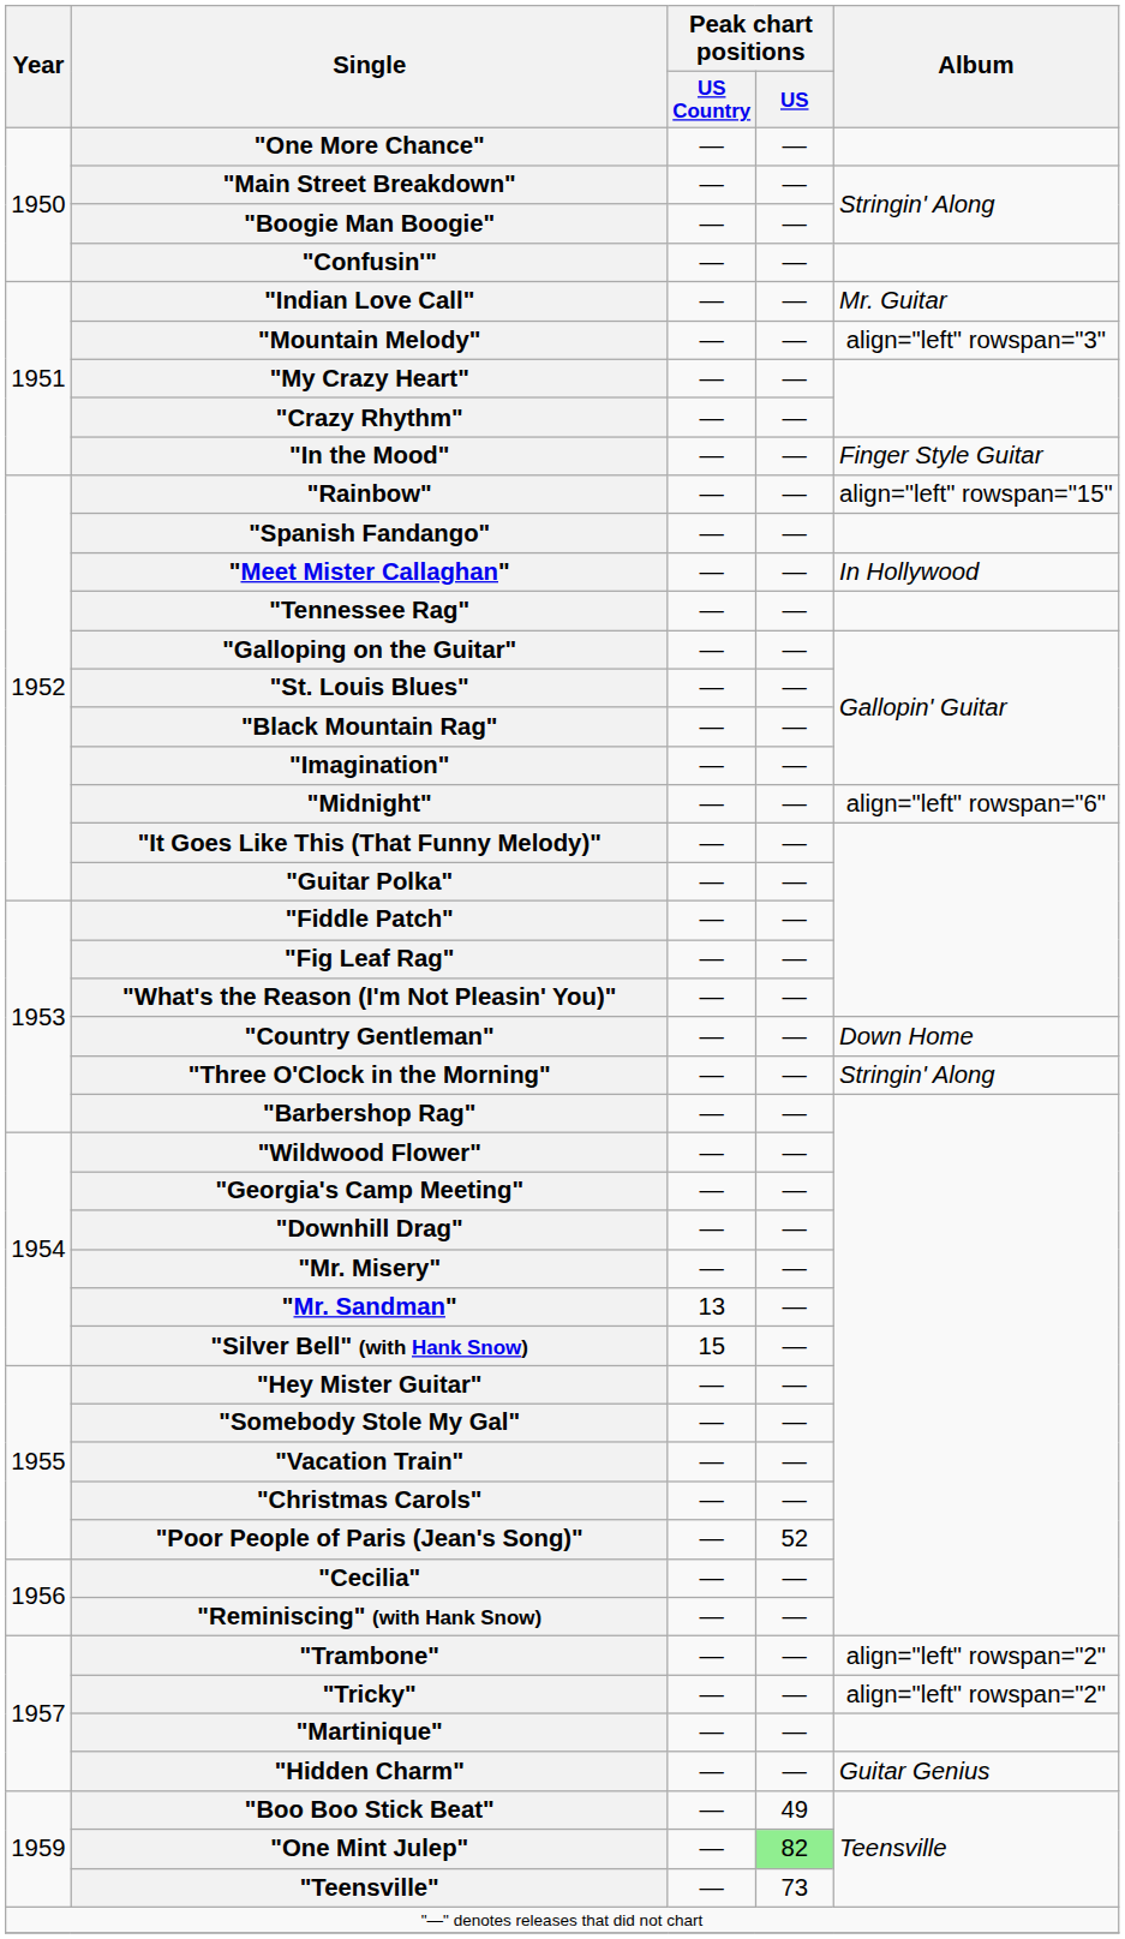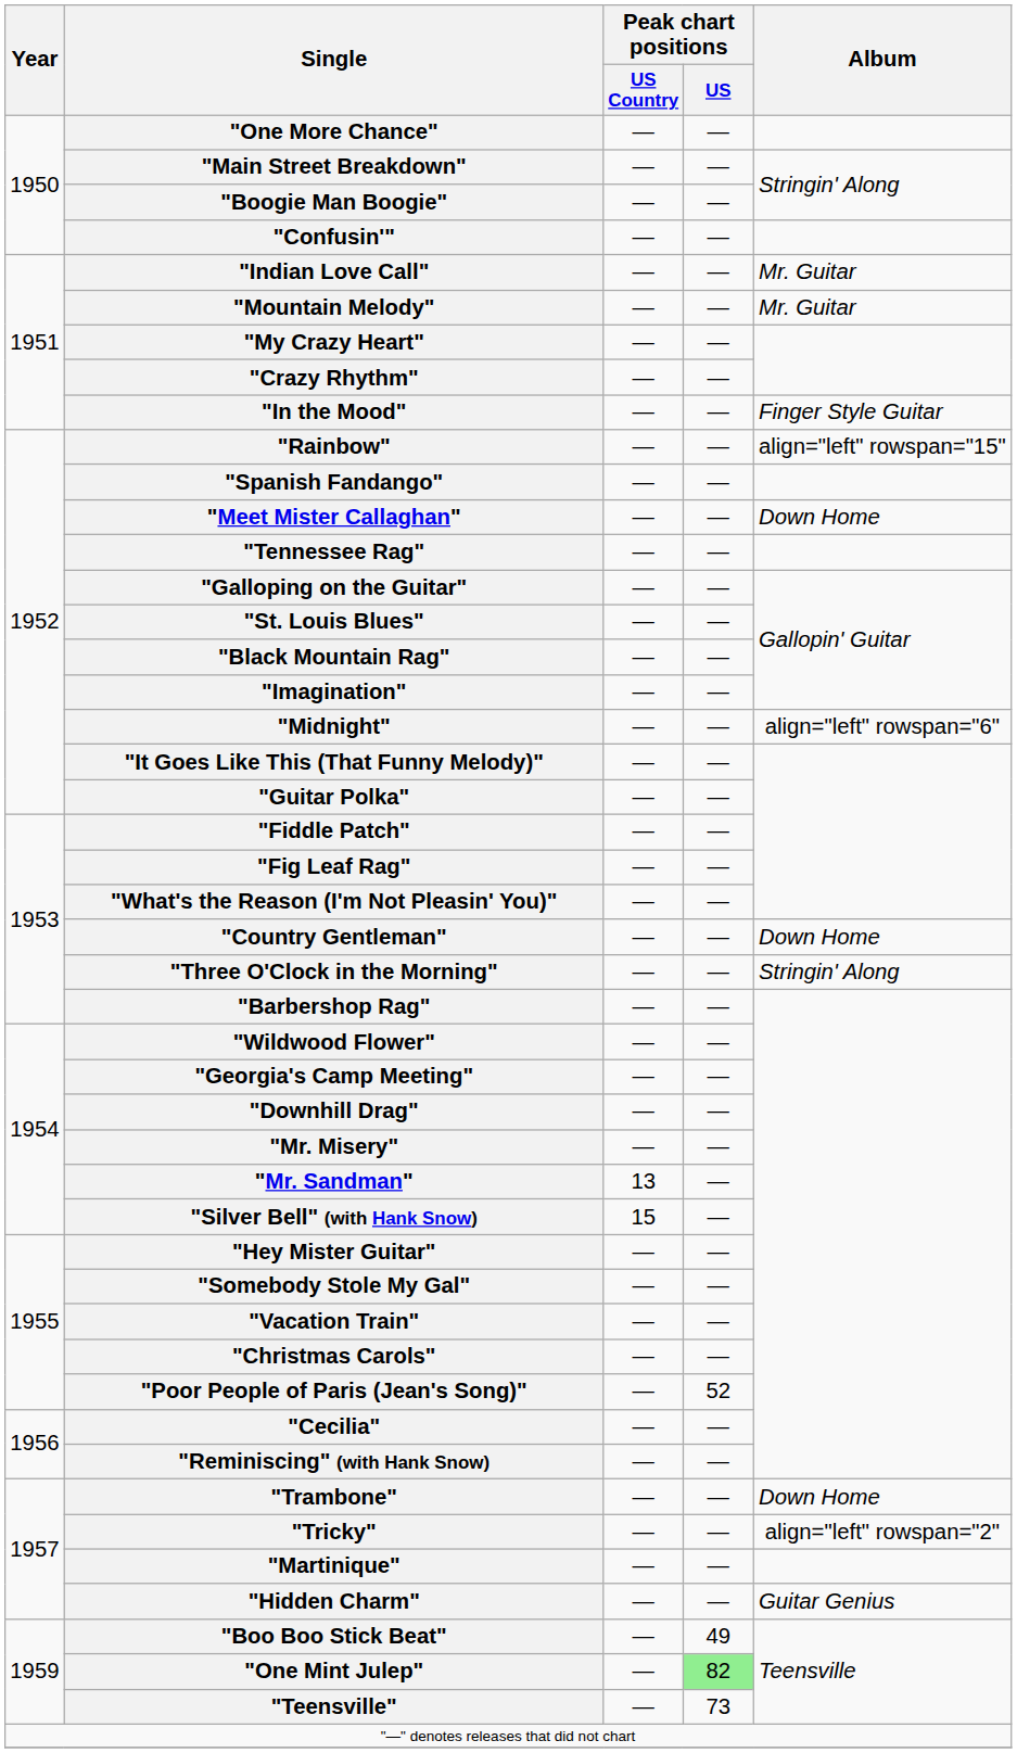 <table class="wikitable plainrowheaders" style="text-align:center;">
 <tr>
 <th rowspan="2">Year</th>
 <th rowspan="2" style="width:24em;">Single</th>
 <th colspan="2">Peak chart<br>positions</th>
 <th rowspan="2">Album</th>
 </tr>
 <tr style="font-size:smaller;">
 <th width="45"><a href='#'>US Country</a></th>
 <th width="45"><a href='#'>US</a><br></th>
 </tr>
 <tr>
 <td rowspan="4">1950</td>
 <th scope="row">"One More Chance"</th>
 <td>—</td>
 <td>—</td>
 <td></td>
 </tr>
 <tr>
 <th scope="row">"Main Street Breakdown"</th>
 <td>—</td>
 <td>—</td>
 <td align="left" rowspan="2"><em>Stringin' Along</em></td>
 </tr>
 <tr>
 <th scope="row">"Boogie Man Boogie"</th>
 <td>—</td>
 <td>—</td>
 </tr>
 <tr>
 <th scope="row">"Confusin'"</th>
 <td>—</td>
 <td>—</td>
 <td></td>
 </tr>
 <tr>
 <td rowspan="5">1951</td>
 <th scope="row">"Indian Love Call"</th>
 <td>—</td>
 <td>—</td>
 <td align="left"><em>Mr. Guitar</em></td>
 </tr>
 <tr>
 <th scope="row">"Mountain Melody"</th>
 <td>—</td>
 <td>—</td>
-<td>align="left" rowspan="3" </td>
+<td align="left"><em>Mr. Guitar</em></td>
 </tr>
 <tr>
 <th scope="row">"My Crazy Heart"</th>
 <td>—</td>
 <td>—</td>
 </tr>
 <tr>
 <th scope="row">"Crazy Rhythm"</th>
 <td>—</td>
 <td>—</td>
 </tr>
 <tr>
 <th scope="row">"In the Mood"</th>
 <td>—</td>
 <td>—</td>
 <td align="left"><em>Finger Style Guitar</em></td>
 </tr>
 <tr>
 <td rowspan="11">1952</td>
 <th scope="row">"Rainbow"</th>
 <td>—</td>
 <td>—</td>
 <td>align="left" rowspan="15" </td>
 </tr>
 <tr>
 <th scope="row">"Spanish Fandango"</th>
 <td>—</td>
 <td>—</td>
 <td></td>
 </tr>
 <tr>
 <th scope="row">"<a href='#'>Meet Mister Callaghan</a>"</th>
 <td>—</td>
 <td>—</td>
-<td align="left"><em>In Hollywood</em></td>
+<td align="left"><em>Down Home</em></td>
 </tr>
 <tr>
 <th scope="row">"Tennessee Rag"</th>
 <td>—</td>
 <td>—</td>
 <td></td>
 </tr>
 <tr>
 <th scope="row">"Galloping on the Guitar"</th>
 <td>—</td>
 <td>—</td>
 <td align="left" rowspan="4"><em>Gallopin' Guitar</em></td>
 </tr>
 <tr>
 <th scope="row">"St. Louis Blues"</th>
 <td>—</td>
 <td>—</td>
 </tr>
 <tr>
 <th scope="row">"Black Mountain Rag"</th>
 <td>—</td>
 <td>—</td>
 </tr>
 <tr>
 <th scope="row">"Imagination"</th>
 <td>—</td>
 <td>—</td>
 </tr>
 <tr>
 <th scope="row">"Midnight"</th>
 <td>—</td>
 <td>—</td>
 <td>align="left" rowspan="6" </td>
 </tr>
 <tr>
 <th scope="row">"It Goes Like This (That Funny Melody)"</th>
 <td>—</td>
 <td>—</td>
 </tr>
 <tr>
 <th scope="row">"Guitar Polka"</th>
 <td>—</td>
 <td>—</td>
 </tr>
 <tr>
 <td rowspan="6">1953</td>
 <th scope="row">"Fiddle Patch"</th>
 <td>—</td>
 <td>—</td>
 </tr>
 <tr>
 <th scope="row">"Fig Leaf Rag"</th>
 <td>—</td>
 <td>—</td>
 </tr>
 <tr>
 <th scope="row">"What's the Reason (I'm Not Pleasin' You)"</th>
 <td>—</td>
 <td>—</td>
 </tr>
 <tr>
 <th scope="row">"Country Gentleman"</th>
 <td>—</td>
 <td>—</td>
 <td align="left"><em>Down Home</em></td>
 </tr>
 <tr>
 <th scope="row">"Three O'Clock in the Morning"</th>
 <td>—</td>
 <td>—</td>
 <td align="left"><em>Stringin' Along</em></td>
 </tr>
 <tr>
 <th scope="row">"Barbershop Rag"</th>
 <td>—</td>
 <td>—</td>
 </tr>
 <tr>
 <td rowspan="6">1954</td>
 <th scope="row">"Wildwood Flower"</th>
 <td>—</td>
 <td>—</td>
 </tr>
 <tr>
 <th scope="row">"Georgia's Camp Meeting"</th>
 <td>—</td>
 <td>—</td>
 </tr>
 <tr>
 <th scope="row">"Downhill Drag"</th>
 <td>—</td>
 <td>—</td>
 </tr>
 <tr>
 <th scope="row">"Mr. Misery"</th>
 <td>—</td>
 <td>—</td>
 </tr>
 <tr>
 <th scope="row">"<a href='#'>Mr. Sandman</a>"</th>
 <td>13</td>
 <td>—</td>
 </tr>
 <tr>
 <th scope="row">"Silver Bell" <small>(with <a href='#'>Hank Snow</a>)</small></th>
 <td>15</td>
 <td>—</td>
 </tr>
 <tr>
 <td rowspan="5">1955</td>
 <th scope="row">"Hey Mister Guitar"</th>
 <td>—</td>
 <td>—</td>
 </tr>
 <tr>
 <th scope="row">"Somebody Stole My Gal"</th>
 <td>—</td>
 <td>—</td>
 </tr>
 <tr>
 <th scope="row">"Vacation Train"</th>
 <td>—</td>
 <td>—</td>
 </tr>
 <tr>
 <th scope="row">"Christmas Carols"</th>
 <td>—</td>
 <td>—</td>
 </tr>
 <tr>
 <th scope="row">"Poor People of Paris (Jean's Song)"</th>
 <td>—</td>
 <td>52</td>
 </tr>
 <tr>
 <td rowspan="2">1956</td>
 <th scope="row">"Cecilia"</th>
 <td>—</td>
 <td>—</td>
 </tr>
 <tr>
 <th scope="row">"Reminiscing" <small>(with Hank Snow)</small></th>
 <td>—</td>
 <td>—</td>
 </tr>
 <tr>
 <td rowspan="4">1957</td>
 <th scope="row">"Trambone"</th>
 <td>—</td>
 <td>—</td>
-<td>align="left" rowspan="2" </td>
+<td align="left"><em>Down Home</em></td>
 </tr>
 <tr>
 <th scope="row">"Tricky"</th>
 <td>—</td>
 <td>—</td>
 <td>align="left" rowspan="2" </td>
 </tr>
 <tr>
 <th scope="row">"Martinique"</th>
 <td>—</td>
 <td>—</td>
 </tr>
 <tr>
 <th scope="row">"Hidden Charm"</th>
 <td>—</td>
 <td>—</td>
 <td align="left"><em>Guitar Genius</em></td>
 </tr>
 <tr>
 <td rowspan="3">1959</td>
 <th scope="row">"Boo Boo Stick Beat"</th>
 <td>—</td>
 <td>49</td>
 <td align="left" rowspan="3"><em>Teensville</em></td>
 </tr>
 <tr>
 <th scope="row">"One Mint Julep"</th>
 <td>—</td>
 <td style="background: lightgreen;">82</td>
 </tr>
 <tr>
 <th scope="row">"Teensville"</th>
 <td>—</td>
 <td>73</td>
 </tr>
 <tr>
 <td colspan="5" style="font-size: 8pt">"—" denotes releases that did not chart</td>
 </tr>
 <tr>
 </tr>
 </table>
